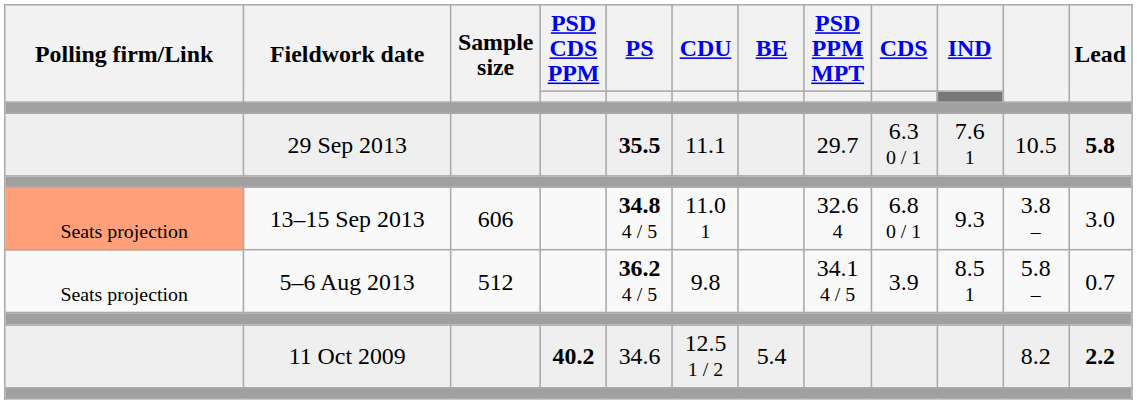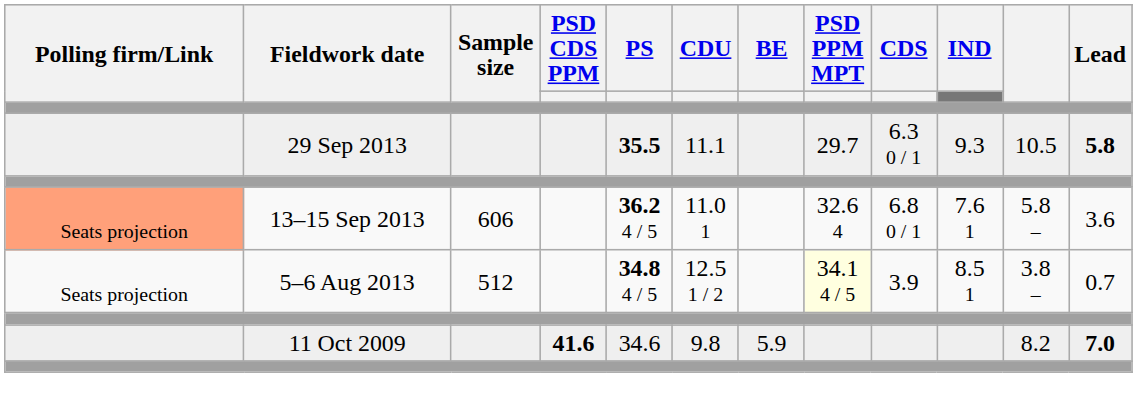 <table class="wikitable collapsible sortable" style="text-align:center; font-size:95%; line-height:16px;">
 <tr style="height:42px;">
 <th style="width:145px;" rowspan="2">Polling firm/Link</th>
 <th style="width:125px;" rowspan="2">Fieldwork date</th>
 <th class="unsortable" style="width:50px;" rowspan="2">Sample size</th>
 <th class="unsortable" style="width:35px;"><a href='#'>PSD</a><br><a href='#'>CDS</a><br><a href='#'>PPM</a></th>
 <th class="unsortable" style="width:35px;"><a href='#'>PS</a></th>
 <th class="unsortable" style="width:35px;"><a href='#'>CDU</a></th>
 <th class="unsortable" style="width:35px;"><a href='#'>BE</a></th>
 <th class="unsortable" style="width:35px;"><a href='#'>PSD</a><br><a href='#'>PPM</a><br><a href='#'>MPT</a></th>
 <th class="unsortable" style="width:35px;"><a href='#'>CDS</a></th>
 <th class="unsortable" style="width:35px;"><a href='#'>IND</a></th>
 <th class="unsortable" style="width:35px;" rowspan="2"></th>
 <th class="unsortable" style="width:30px;" rowspan="2">Lead</th>
 </tr>
 <tr>
 <th class="unsortable" style="color:inherit;background:"></th>
 <th class="unsortable" style="color:inherit;background:"></th>
 <th class="unsortable" style="color:inherit;background:"></th>
 <th class="unsortable" style="color:inherit;background:"></th>
 <th class="unsortable" style="color:inherit;background:"></th>
 <th class="unsortable" style="color:inherit;background:"></th>
 <th class="unsortable" style="color:inherit;background:#777777;"></th>
 </tr>
 <tr>
 <td colspan="13" style="background:#A0A0A0"></td>
 </tr>
 <tr style="background:#EFEFEF;">
 <td><strong></strong></td>
 <td data-sort-value="2019-10-06">29 Sep 2013</td>
 <td></td>
 <td></td>
 <td><strong>35.5</strong><br></td>
 <td>11.1<br></td>
 <td></td>
 <td>29.7<br></td>
 <td align="center">6.3<br><small>0 / 1 </small></td>
-<td align="center">7.6<br><small>1</small></td>
+<td>9.3<br></td>
 <td>10.5<br></td>
 <td style="background:"><strong>5.8</strong></td>
 </tr>
 <tr>
 <td colspan="13" style="background:#A0A0A0"></td>
 </tr>
 <tr>
 <td align="center" style="background: lightsalmon;"><br><small>Seats projection</small></td>
 <td align="center">13–15 Sep 2013</td>
 <td>606</td>
 <td></td>
-<td align="center" ><strong>34.8</strong><br><small>4 / 5</small></td>
+<td align="center" ><strong>36.2</strong><br><small>4 / 5</small></td>
 <td align="center">11.0<br><small>1 </small></td>
 <td></td>
 <td align="center">32.6<br><small>4 </small></td>
 <td align="center">6.8<br><small>0 / 1 </small></td>
-<td>9.3<br></td>
-<td align="center">3.8<br><small> – </small></td>
-<td style="background:">3.0</td>
+<td align="center">7.6<br><small>1</small></td>
+<td align="center">5.8<br><small> – </small></td>
+<td style="background:">3.6</td>
 </tr>
 <tr>
 <td align="center"><br><small>Seats projection</small></td>
 <td align="center">5–6 Aug 2013</td>
 <td>512</td>
 <td></td>
-<td align="center" ><strong>36.2</strong><br><small>4 / 5</small></td>
-<td>9.8<br></td>
+<td align="center" ><strong>34.8</strong><br><small>4 / 5</small></td>
+<td align="center">12.5<br><small>1 / 2</small></td>
 <td></td>
-<td align="center">34.1<br><small>4 / 5</small></td>
+<td align="center" style="background: lightyellow;">34.1<br><small>4 / 5</small></td>
 <td>3.9<br></td>
 <td align="center">8.5<br><small>1</small></td>
-<td align="center">5.8<br><small> – </small></td>
+<td align="center">3.8<br><small> – </small></td>
 <td style="background:">0.7</td>
 </tr>
 <tr>
 <td colspan="13" style="background:#A0A0A0"></td>
 </tr>
 <tr style="background:#EFEFEF;">
 <td><strong></strong></td>
 <td data-sort-value="2019-10-06">11 Oct 2009</td>
 <td></td>
-<td><strong>40.2</strong><br></td>
+<td><strong>41.6</strong><br></td>
 <td>34.6<br></td>
-<td align="center">12.5<br><small>1 / 2</small></td>
-<td>5.4<br></td>
+<td>9.8<br></td>
+<td>5.9<br></td>
 <td></td>
 <td></td>
 <td></td>
 <td>8.2<br></td>
-<td style="background:"><strong>2.2</strong></td>
+<td style="background:"><strong>7.0</strong></td>
 </tr>
 <tr>
 <td colspan="13" style="background:#A0A0A0"></td>
 </tr>
 </table>
